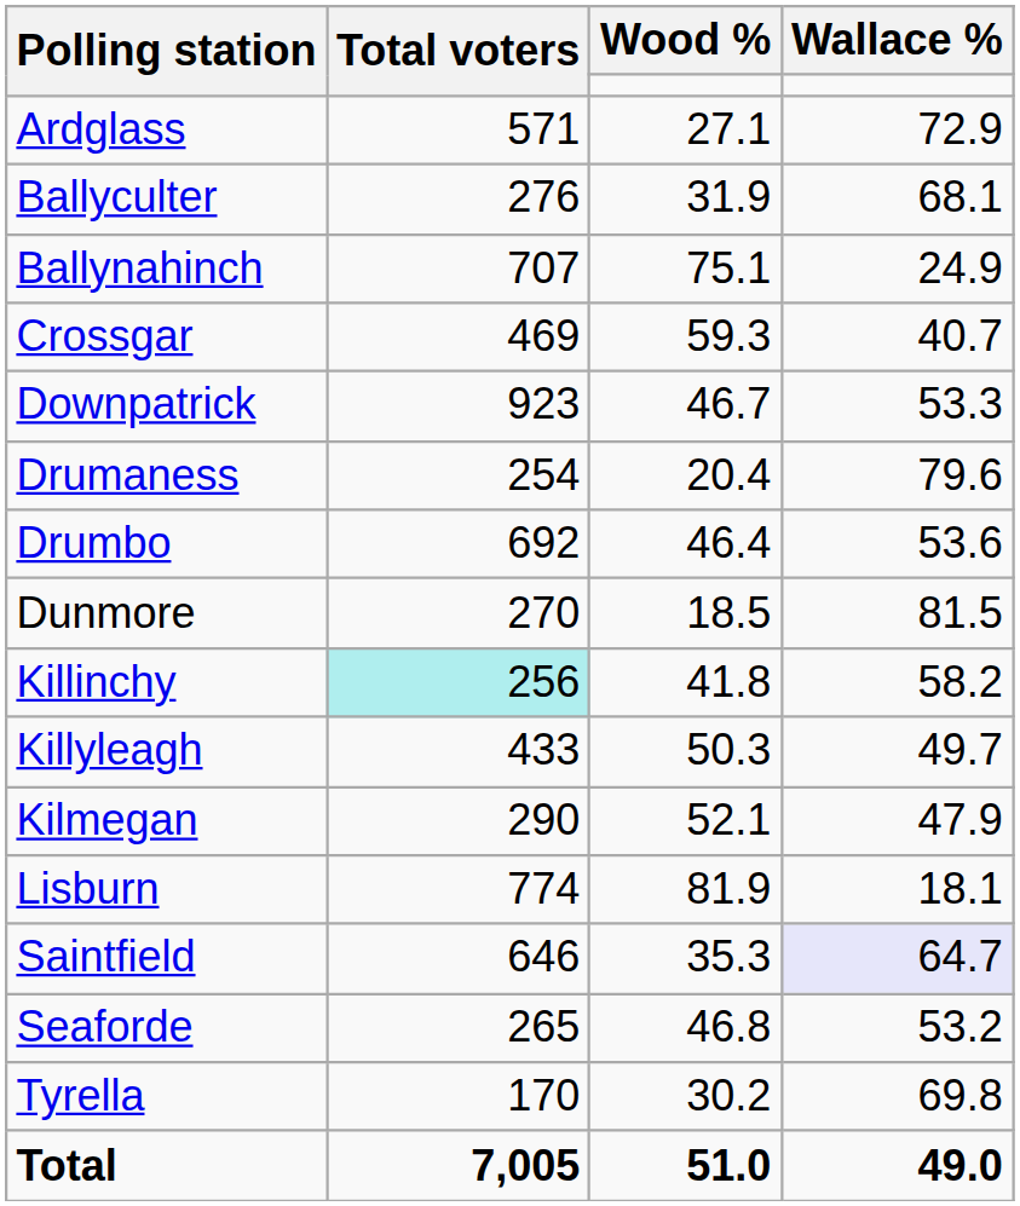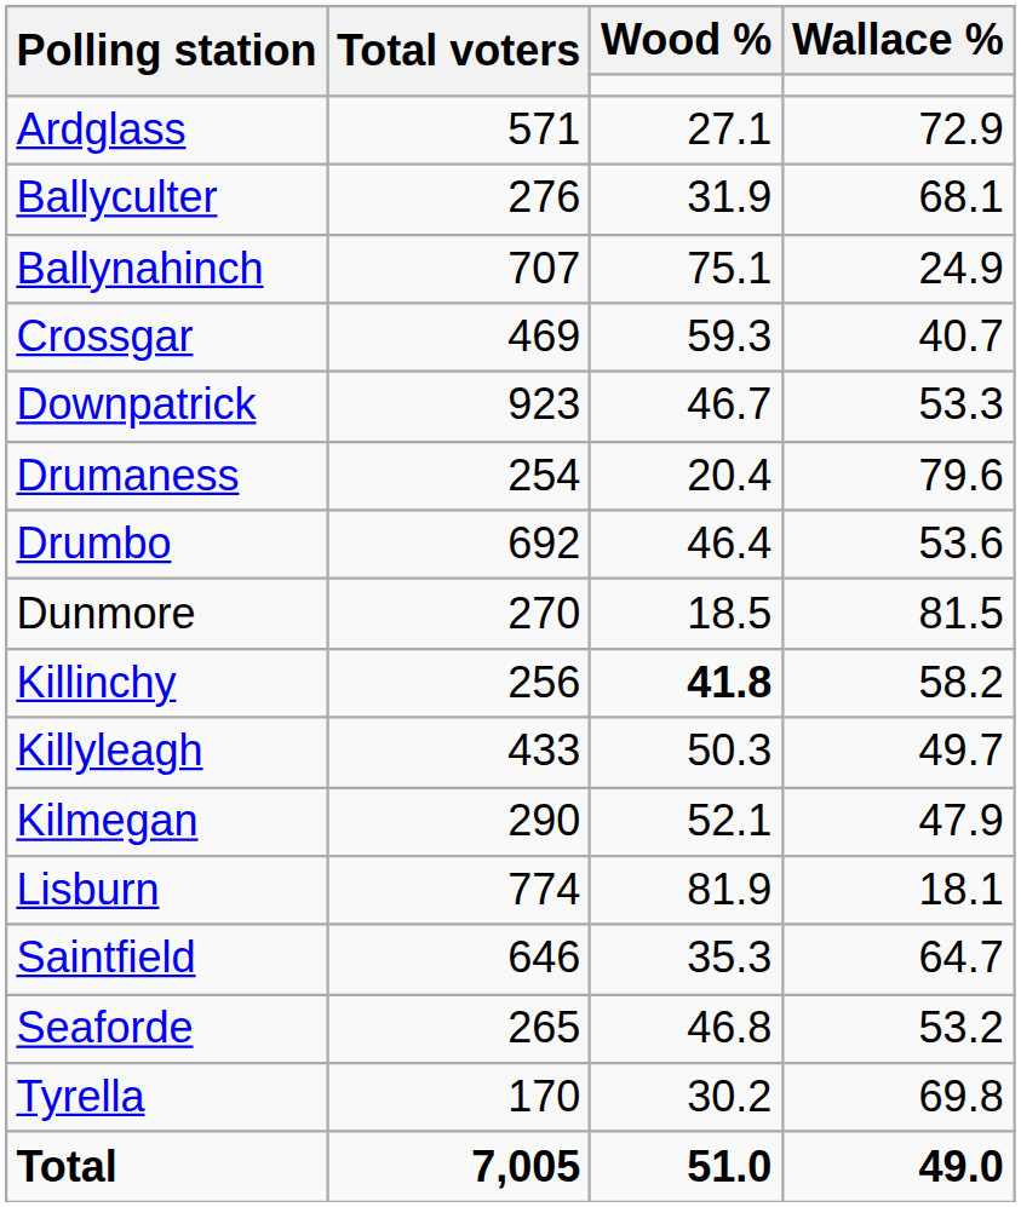 <table class="wikitable">
 <tr>
 <th rowspan="2">Polling station</th>
 <th rowspan="2">Total voters</th>
 <th>Wood %</th>
 <th>Wallace %</th>
 </tr>
 <tr>
 <td style="background:"></td>
 <td style="background:"></td>
 </tr>
 <tr>
 <td><a href='#'>Ardglass</a></td>
 <td align="right">571</td>
 <td align="right">27.1</td>
 <td align="right">72.9</td>
 </tr>
 <tr>
 <td><a href='#'>Ballyculter</a></td>
 <td align="right">276</td>
 <td align="right">31.9</td>
 <td align="right">68.1</td>
 </tr>
 <tr>
 <td><a href='#'>Ballynahinch</a></td>
 <td align="right">707</td>
 <td align="right">75.1</td>
 <td align="right">24.9</td>
 </tr>
 <tr>
 <td><a href='#'>Crossgar</a></td>
 <td align="right">469</td>
 <td align="right">59.3</td>
 <td align="right">40.7</td>
 </tr>
 <tr>
 <td><a href='#'>Downpatrick</a></td>
 <td align="right">923</td>
 <td align="right">46.7</td>
 <td align="right">53.3</td>
 </tr>
 <tr>
 <td><a href='#'>Drumaness</a></td>
 <td align="right">254</td>
 <td align="right">20.4</td>
 <td align="right">79.6</td>
 </tr>
 <tr>
 <td><a href='#'>Drumbo</a></td>
 <td align="right">692</td>
 <td align="right">46.4</td>
 <td align="right">53.6</td>
 </tr>
 <tr>
 <td>Dunmore</td>
 <td align="right">270</td>
 <td align="right">18.5</td>
 <td align="right">81.5</td>
 </tr>
 <tr>
 <td><a href='#'>Killinchy</a></td>
-<td align="right" style="background: paleturquoise;">256</td>
-<td align="right">41.8</td>
+<td align="right">256</td>
+<td align="right"><strong>41.8</strong></td>
 <td align="right">58.2</td>
 </tr>
 <tr>
 <td><a href='#'>Killyleagh</a></td>
 <td align="right">433</td>
 <td align="right">50.3</td>
 <td align="right">49.7</td>
 </tr>
 <tr>
 <td><a href='#'>Kilmegan</a></td>
 <td align="right">290</td>
 <td align="right">52.1</td>
 <td align="right">47.9</td>
 </tr>
 <tr>
 <td><a href='#'>Lisburn</a></td>
 <td align="right">774</td>
 <td align="right">81.9</td>
 <td align="right">18.1</td>
 </tr>
 <tr>
 <td><a href='#'>Saintfield</a></td>
 <td align="right">646</td>
 <td align="right">35.3</td>
-<td align="right" style="background: lavender;">64.7</td>
+<td align="right">64.7</td>
 </tr>
 <tr>
 <td><a href='#'>Seaforde</a></td>
 <td align="right">265</td>
 <td align="right">46.8</td>
 <td align="right">53.2</td>
 </tr>
 <tr>
 <td><a href='#'>Tyrella</a></td>
 <td align="right">170</td>
 <td align="right">30.2</td>
 <td align="right">69.8</td>
 </tr>
 <tr>
 <td><strong>Total</strong></td>
 <td align="right"><strong>7,005</strong></td>
 <td align="right"><strong>51.0</strong></td>
 <td align="right"><strong>49.0</strong></td>
 </tr>
 </table>
